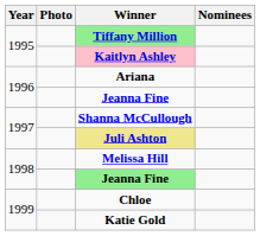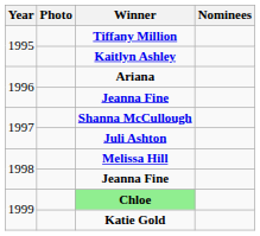 <table class=wikitable>
 <tr>
 <th>Year</th>
 <th>Photo</th>
 <th>Winner<br></th>
 <th>Nominees<br></th>
 </tr>
 <tr>
 <td rowspan=2>1995</td>
 <td></td>
-<td align=center style="background: lightgreen;"><strong><a href='#'>Tiffany Million</a></strong> <br></td>
+<td align=center><strong><a href='#'>Tiffany Million</a></strong> <br></td>
 <td></td>
 </tr>
 <tr>
 <td></td>
-<td align=center style="background: pink;"><strong><a href='#'>Kaitlyn Ashley</a></strong> <br></td>
+<td align=center><strong><a href='#'>Kaitlyn Ashley</a></strong> <br></td>
 <td></td>
 </tr>
 <tr>
 <td rowspan=2>1996</td>
 <td></td>
 <td align=center><strong>Ariana</strong> <br></td>
 <td></td>
 </tr>
 <tr>
 <td></td>
 <td align=center><strong><a href='#'>Jeanna Fine</a></strong> <br></td>
 <td></td>
 </tr>
 <tr>
 <td rowspan=2>1997</td>
 <td></td>
 <td align=center><strong><a href='#'>Shanna McCullough</a></strong> <br></td>
 <td></td>
 </tr>
 <tr>
 <td></td>
-<td align=center style="background: khaki;"><strong><a href='#'>Juli Ashton</a></strong> <br></td>
+<td align=center><strong><a href='#'>Juli Ashton</a></strong> <br></td>
 <td></td>
 </tr>
 <tr>
 <td rowspan=2>1998</td>
 <td></td>
 <td align=center><strong><a href='#'>Melissa Hill</a></strong> <br></td>
 <td></td>
 </tr>
 <tr>
 <td></td>
-<td align=center style="background: lightgreen;"><strong>Jeanna Fine</strong> <br></td>
+<td align=center><strong>Jeanna Fine</strong> <br></td>
 <td></td>
 </tr>
 <tr>
 <td rowspan=2>1999</td>
 <td></td>
-<td align=center><strong>Chloe</strong> <br></td>
+<td align=center style="background: lightgreen;"><strong>Chloe</strong> <br></td>
 <td></td>
 </tr>
 <tr>
 <td></td>
 <td align=center><strong>Katie Gold</strong> <br></td>
 <td></td>
 </tr>
 </table>
